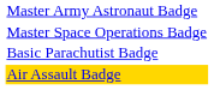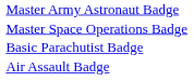 <table>
 <tr>
 <td> <a href='#'>Master Army Astronaut Badge</a></td>
 </tr>
 <tr>
 <td> <a href='#'>Master Space Operations Badge</a></td>
 </tr>
 <tr>
 <td> <a href='#'>Basic Parachutist Badge</a></td>
 </tr>
 <tr>
-<td style="background: gold;"> <a href='#'>Air Assault Badge</a></td>
+<td> <a href='#'>Air Assault Badge</a></td>
 </tr>
 </table>
